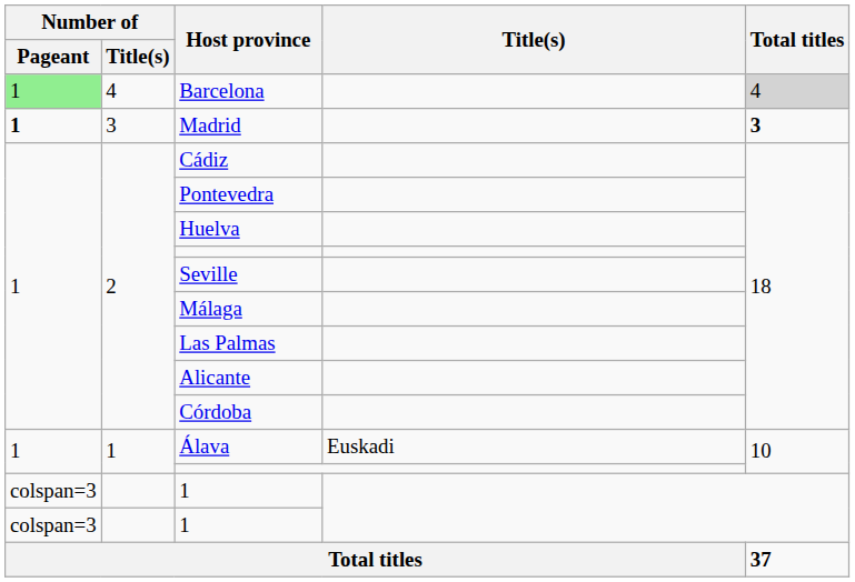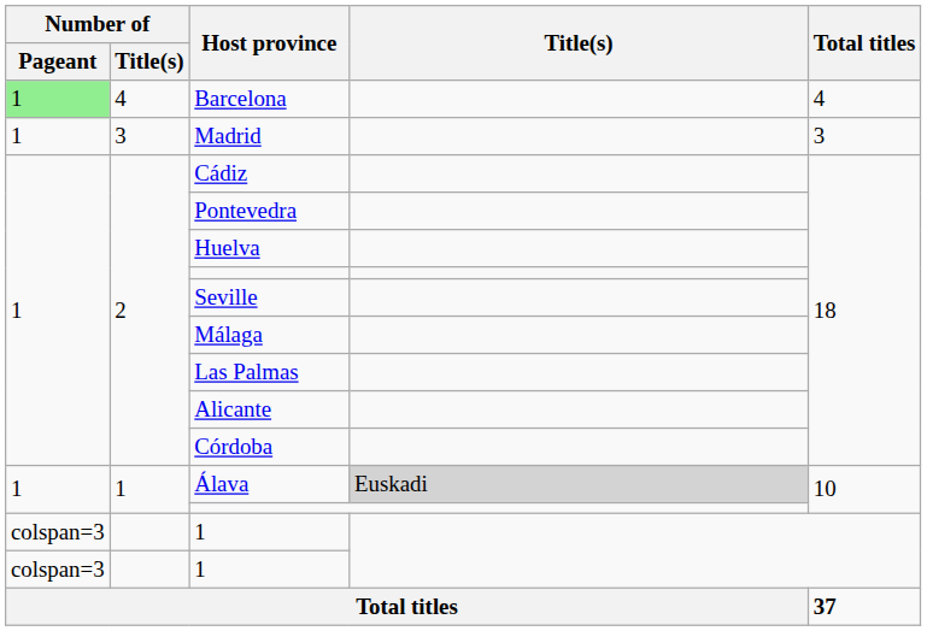 <table class="wikitable defaultcenter col4left" style="font-size: 95%;">
 <tr>
 <th colspan=2>Number of</th>
 <th rowspan=2 width=100px>Host province</th>
 <th rowspan=2 width=300px>Title(s)</th>
 <th rowspan=2>Total titles</th>
 </tr>
 <tr>
 <th>Pageant</th>
 <th>Title(s)</th>
 </tr>
 <tr>
 <td style="background: lightgreen;">1</td>
 <td>4</td>
 <td><a href='#'>Barcelona</a></td>
 <td></td>
-<td style="background: lightgrey;">4</td>
+<td>4</td>
 </tr>
 <tr>
-<td><strong>1</strong></td>
+<td>1</td>
 <td>3</td>
 <td><a href='#'>Madrid</a></td>
 <td></td>
-<td><strong>3</strong></td>
+<td>3</td>
 </tr>
 <tr>
 <td rowspan=9>1</td>
 <td rowspan=9>2</td>
 <td><a href='#'>Cádiz</a></td>
 <td></td>
 <td rowspan=9>18</td>
 </tr>
 <tr>
 <td><a href='#'>Pontevedra</a></td>
 <td></td>
 </tr>
 <tr>
 <td><a href='#'>Huelva</a></td>
 <td></td>
 </tr>
 <tr>
 <td></td>
 <td></td>
 </tr>
 <tr>
 <td><a href='#'>Seville</a></td>
 <td></td>
 </tr>
 <tr>
 <td><a href='#'>Málaga</a></td>
 <td></td>
 </tr>
 <tr>
 <td><a href='#'>Las Palmas</a></td>
 <td></td>
 </tr>
 <tr>
 <td><a href='#'>Alicante</a></td>
 <td></td>
 </tr>
 <tr>
 <td><a href='#'>Córdoba</a></td>
 <td></td>
 </tr>
 <tr>
 <td rowspan=2>1</td>
 <td rowspan=2>1</td>
 <td><a href='#'>Álava</a></td>
-<td>Euskadi</td>
+<td style="background: lightgrey;">Euskadi</td>
 <td rowspan=2>10</td>
 </tr>
 <tr>
 <td colspan=2></td>
 </tr>
 <tr>
 <td>colspan=3 </td>
 <td></td>
 <td>1</td>
 </tr>
 <tr>
 <td>colspan=3 </td>
 <td></td>
 <td>1</td>
 </tr>
 <tr>
 <th colspan=4>Total titles</th>
 <td><strong>37</strong></td>
 </tr>
 </table>
